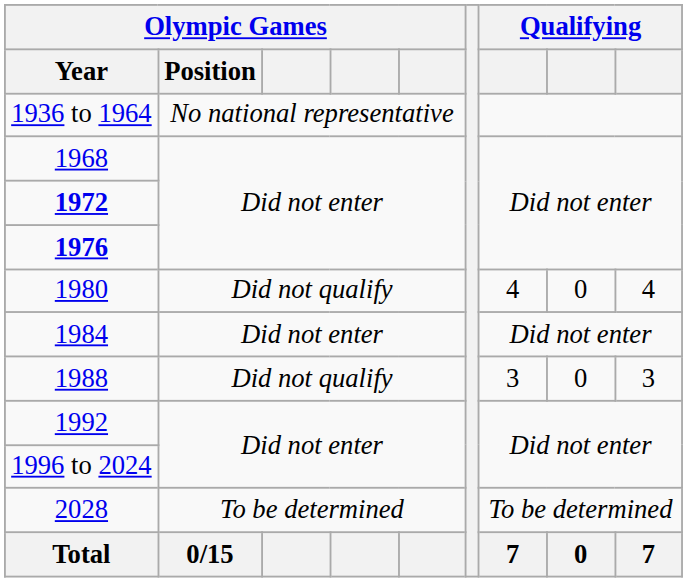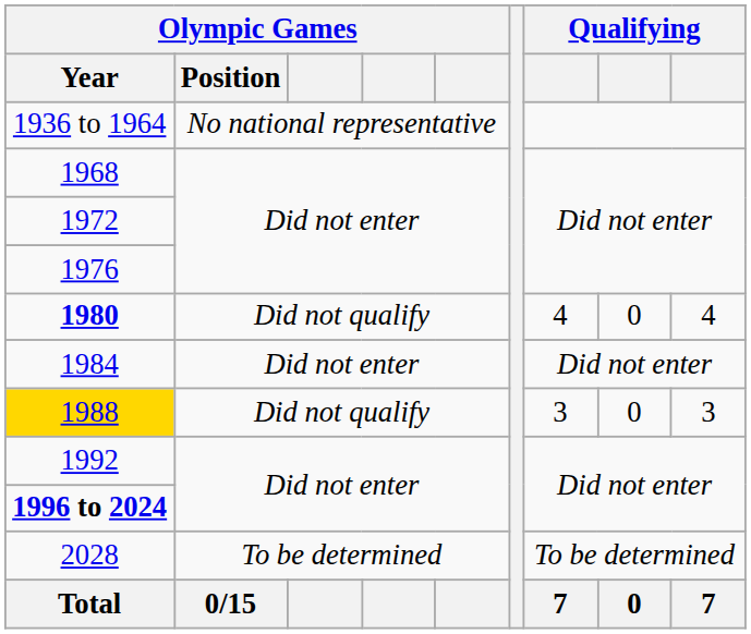 <table class="wikitable" style="text-align: center;font-size:90%;">
 <tr>
 <th colspan=5><a href='#'>Olympic Games</a></th>
 <th rowspan=13></th>
 <th colspan=3><a href='#'>Qualifying</a></th>
 </tr>
 <tr>
 <th>Year</th>
 <th>Position</th>
 <th width=30></th>
 <th width=30></th>
 <th width=30></th>
 <th width=30></th>
 <th width=30></th>
 <th width=30></th>
 </tr>
 <tr>
 <td><a href='#'>1936</a> to <a href='#'>1964</a></td>
 <td colspan=4><em>No national representative</em></td>
 </tr>
 <tr>
 <td> <a href='#'>1968</a></td>
 <td colspan=4 rowspan=3><em>Did not enter</em></td>
 <td colspan=3 rowspan=3><em>Did not enter</em></td>
 </tr>
 <tr>
-<td><strong> <a href='#'>1972</a></strong></td>
+<td> <a href='#'>1972</a></td>
 </tr>
 <tr>
-<td><strong> <a href='#'>1976</a></strong></td>
+<td> <a href='#'>1976</a></td>
 </tr>
 <tr>
-<td> <a href='#'>1980</a></td>
+<td><strong> <a href='#'>1980</a></strong></td>
 <td colspan=4><em>Did not qualify</em></td>
 <td>4</td>
 <td>0</td>
 <td>4</td>
 </tr>
 <tr>
 <td> <a href='#'>1984</a></td>
 <td colspan=4><em>Did not enter</em></td>
 <td colspan=3><em>Did not enter</em></td>
 </tr>
 <tr>
-<td> <a href='#'>1988</a></td>
+<td style="background: gold;"> <a href='#'>1988</a></td>
 <td colspan=4><em>Did not qualify</em></td>
 <td>3</td>
 <td>0</td>
 <td>3</td>
 </tr>
 <tr>
 <td> <a href='#'>1992</a></td>
 <td colspan=4 rowspan=2><em>Did not enter</em></td>
 <td colspan=3 rowspan=2><em>Did not enter</em></td>
 </tr>
 <tr>
-<td><a href='#'>1996</a> to <a href='#'>2024</a></td>
+<td><strong><a href='#'>1996</a> to <a href='#'>2024</a></strong></td>
 </tr>
 <tr>
 <td> <a href='#'>2028</a></td>
 <td colspan=4><em>To be determined</em></td>
 <td colspan=3><em>To be determined</em></td>
 </tr>
 <tr>
 <th>Total</th>
 <th>0/15</th>
 <th></th>
 <th></th>
 <th></th>
 <th>7</th>
 <th>0</th>
 <th>7</th>
 </tr>
 </table>
